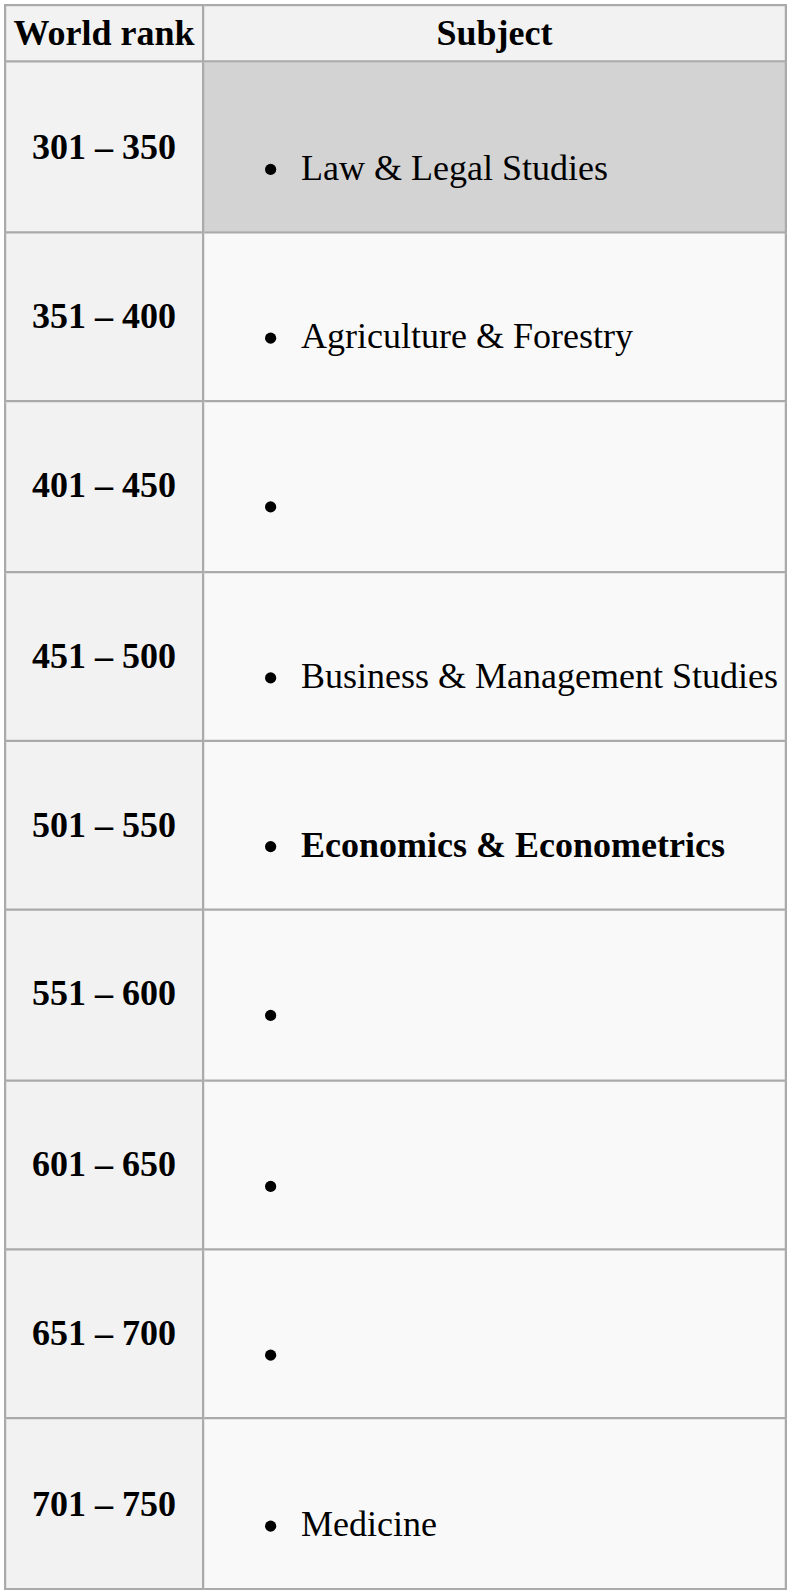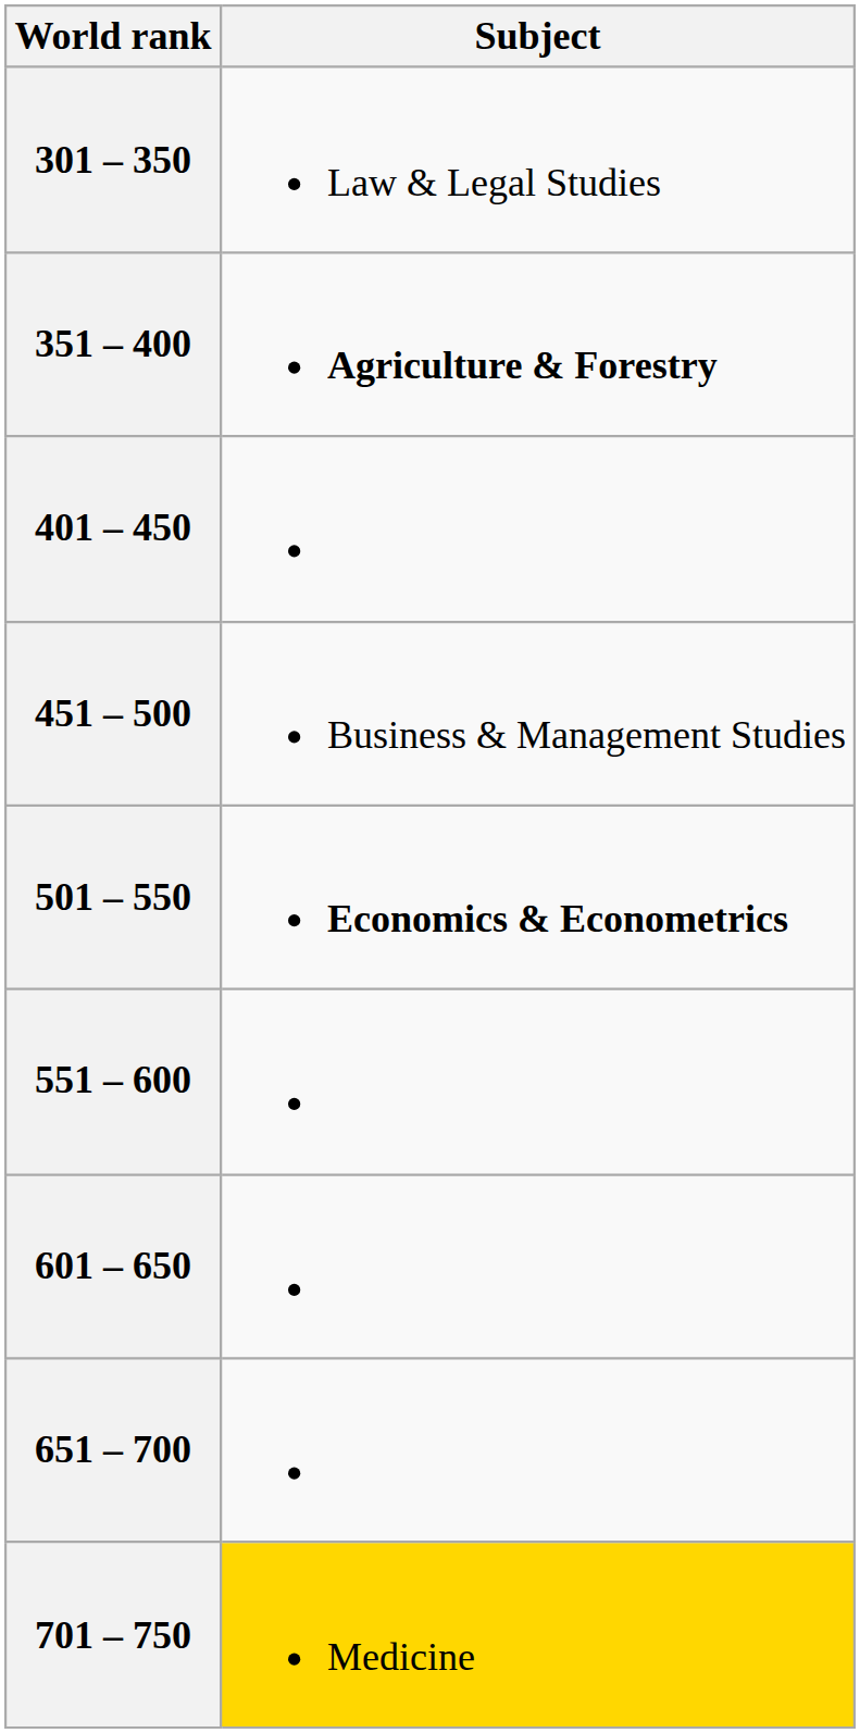 <table class="wikitable">
 <tr>
 <th>World rank</th>
 <th>Subject</th>
 </tr>
 <tr>
 <th><strong>301 – 350</strong></th>
-<td style="background: lightgrey;"><br><ul><li>Law & Legal Studies</li></ul></td>
+<td><br><ul><li>Law & Legal Studies</li></ul></td>
 </tr>
 <tr>
 <th><strong>351 – 400</strong></th>
-<td><br><ul><li>Agriculture & Forestry</li></ul></td>
+<td><strong><br><ul><li>Agriculture & Forestry</li></ul></strong></td>
 </tr>
 <tr>
 <th><strong>401 – 450</strong></th>
 <td><br><ul><li></li></ul></td>
 </tr>
 <tr>
 <th><strong>451 – 500</strong></th>
 <td><br><ul><li>Business & Management Studies</li></ul></td>
 </tr>
 <tr>
 <th><strong>501 – 550</strong></th>
 <td><strong><br><ul><li>Economics & Econometrics</li></ul></strong></td>
 </tr>
 <tr>
 <th><strong>551 – 600</strong></th>
 <td><br><ul><li></li></ul></td>
 </tr>
 <tr>
 <th><strong>601 – 650</strong></th>
 <td><br><ul><li></li></ul></td>
 </tr>
 <tr>
 <th><strong>651 – 700</strong></th>
 <td><br><ul><li></li></ul></td>
 </tr>
 <tr>
 <th><strong>701 – 750</strong></th>
-<td><br><ul><li>Medicine</li></ul></td>
+<td style="background: gold;"><br><ul><li>Medicine</li></ul></td>
 </tr>
 </table>
